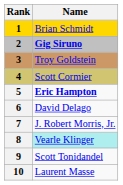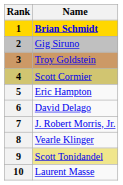 <table class="wikitable">
 <tr>
 <th>Rank</th>
 <th>Name</th>
 </tr>
 <tr bgcolor="gold">
 <td align="center"><strong>1</strong></td>
-<td><a href='#'>Brian Schmidt</a></td>
+<td><strong><a href='#'>Brian Schmidt</a></strong></td>
 </tr>
 <tr bgcolor="silver">
 <td align="center"><strong>2</strong></td>
-<td><strong><a href='#'>Gig Siruno</a></strong></td>
+<td><a href='#'>Gig Siruno</a></td>
 </tr>
 <tr bgcolor="cc9966">
 <td align="center"><strong>3</strong></td>
 <td><a href='#'>Troy Goldstein</a></td>
 </tr>
 <tr bgcolor="#d1c571">
 <td align="center"><strong>4</strong></td>
 <td><a href='#'>Scott Cormier</a></td>
 </tr>
 <tr>
 <th>5</th>
-<td><strong><a href='#'>Eric Hampton</a></strong></td>
+<td><a href='#'>Eric Hampton</a></td>
 </tr>
 <tr>
 <th>6</th>
 <td><a href='#'>David Delago</a></td>
 </tr>
 <tr>
 <th>7</th>
 <td><a href='#'>J. Robert Morris, Jr.</a></td>
 </tr>
 <tr>
 <th>8</th>
-<td style="background: paleturquoise;"><a href='#'>Vearle Klinger</a></td>
+<td><a href='#'>Vearle Klinger</a></td>
 </tr>
 <tr>
 <th>9</th>
-<td><a href='#'>Scott Tonidandel</a></td>
+<td style="background: khaki;"><a href='#'>Scott Tonidandel</a></td>
 </tr>
 <tr>
 <th>10</th>
 <td><a href='#'>Laurent Masse</a></td>
 </tr>
 </table>
